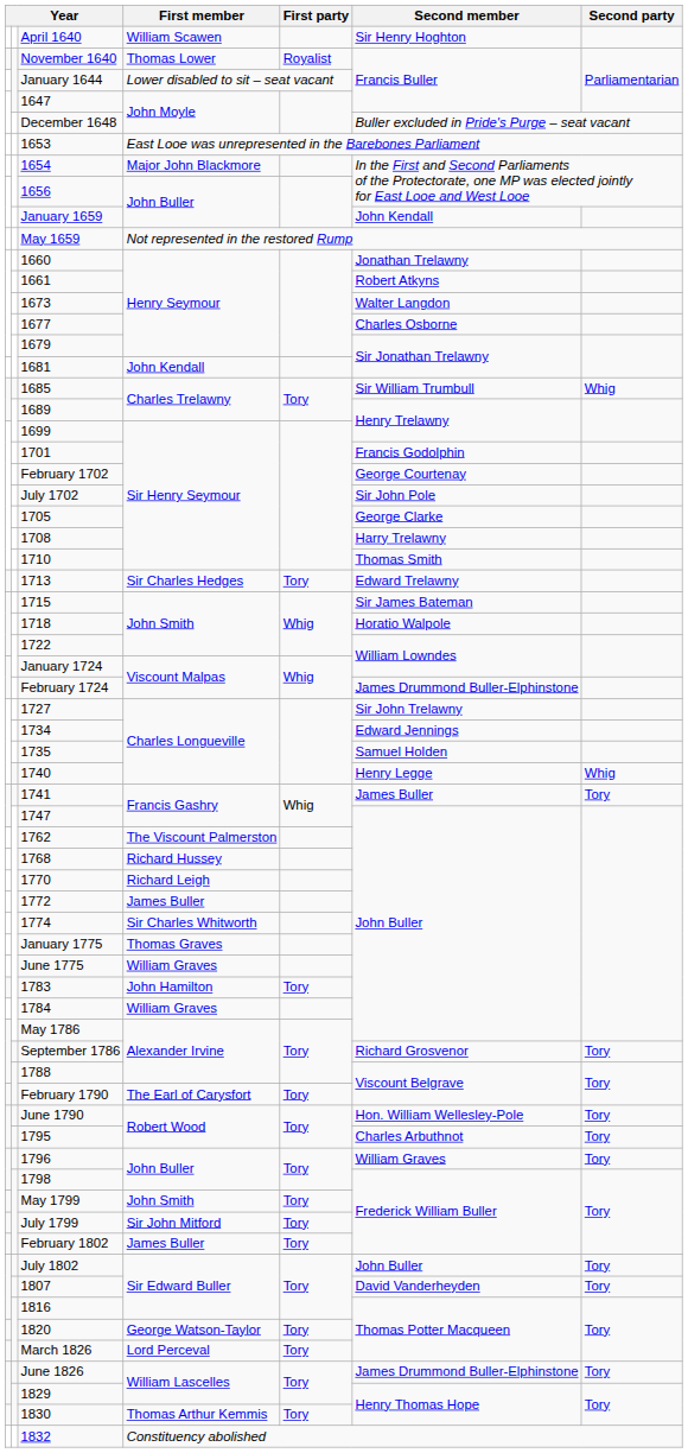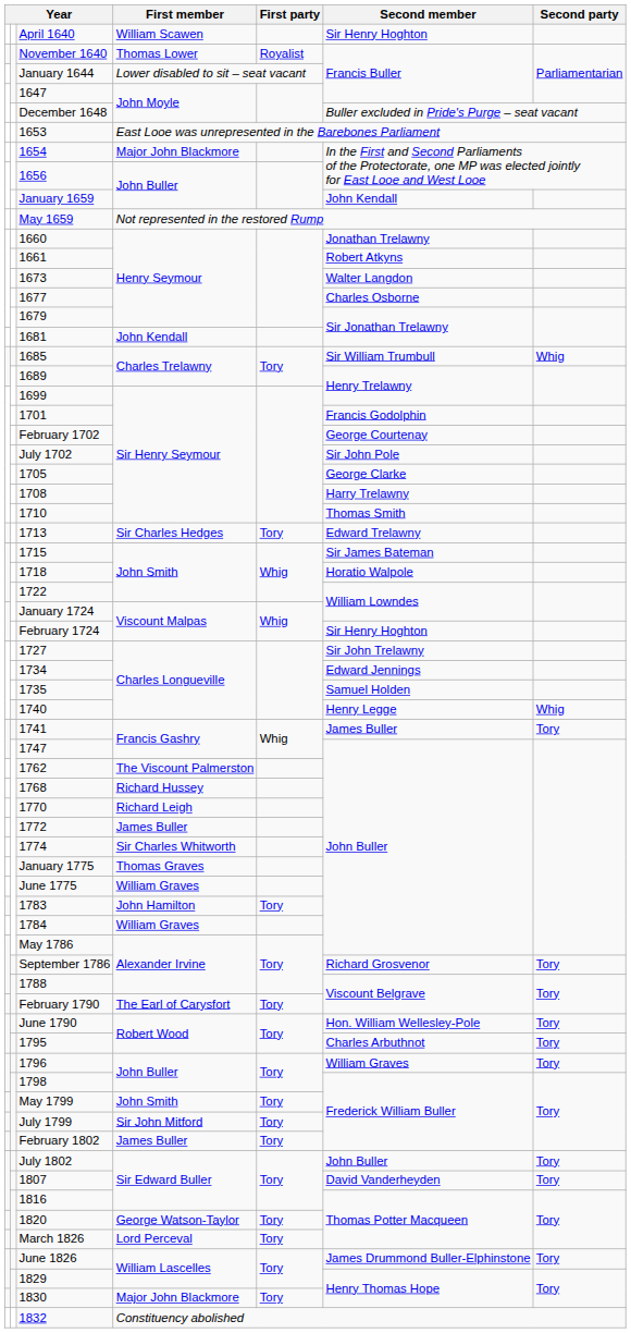 <table class="wikitable">
 <tr>
 <th colspan="3">Year</th>
 <th>First member</th>
 <th>First party</th>
 <th>Second member</th>
 <th>Second party</th>
 </tr>
 <tr>
 <td style="color:inherit;background-color: white"></td>
 <td style="color:inherit;background-color: white"></td>
 <td><a href='#'>April 1640</a></td>
 <td><a href='#'>William Scawen</a></td>
 <td></td>
 <td><a href='#'>Sir Henry Hoghton</a></td>
 <td></td>
 </tr>
 <tr>
 <td style="color:inherit;background-color: "></td>
 <td rowspan="3" style="color:inherit;background-color: "></td>
 <td><a href='#'>November 1640</a></td>
 <td><a href='#'>Thomas Lower</a></td>
 <td><a href='#'>Royalist</a></td>
 <td rowspan="3"><a href='#'>Francis Buller</a></td>
 <td rowspan="3"><a href='#'>Parliamentarian</a></td>
 </tr>
 <tr>
 <td style="color:inherit;background-color: white"></td>
 <td>January 1644</td>
 <td colspan="2"><em>Lower disabled to sit – seat vacant</em></td>
 </tr>
 <tr>
 <td rowspan="2" style="color:inherit;background-color: white"></td>
 <td>1647</td>
 <td rowspan="2"><a href='#'>John Moyle</a></td>
 <td rowspan="2"></td>
 </tr>
 <tr>
 <td style="color:inherit;background-color: white"></td>
 <td>December 1648</td>
 <td colspan="2"><em>Buller excluded in <a href='#'>Pride's Purge</a> – seat vacant</em></td>
 </tr>
 <tr>
 <td style="color:inherit;background-color: white"></td>
 <td style="color:inherit;background-color: white"></td>
 <td>1653</td>
 <td colspan="4"><em>East Looe was unrepresented in the <a href='#'>Barebones Parliament</a></em></td>
 </tr>
 <tr>
 <td style="color:inherit;background-color: white"></td>
 <td rowspan="2" style="color:inherit;background-color: white"></td>
 <td><a href='#'>1654</a></td>
 <td><a href='#'>Major John Blackmore</a></td>
 <td></td>
 <td rowspan="2" colspan="2"><em>In the <a href='#'>First</a>  and <a href='#'>Second</a> Parliaments <br>of the Protectorate, one MP was elected jointly<br>for <a href='#'>East Looe and West Looe</a></em></td>
 </tr>
 <tr>
 <td rowspan="2" style="color:inherit;background-color: white"></td>
 <td><a href='#'>1656</a></td>
 <td rowspan="2"><a href='#'>John Buller</a></td>
 <td rowspan="2"></td>
 </tr>
 <tr>
 <td style="color:inherit;background-color: white"></td>
 <td><a href='#'>January 1659</a></td>
 <td><a href='#'>John Kendall</a></td>
 <td></td>
 </tr>
 <tr>
 <td style="color:inherit;background-color: white"></td>
 <td style="color:inherit;background-color: white"></td>
 <td><a href='#'>May 1659</a></td>
 <td colspan="4"><em>Not represented in the restored <a href='#'>Rump</a></em></td>
 </tr>
 <tr>
 <td rowspan="5" style="color:inherit;background-color: white"></td>
 <td style="color:inherit;background-color: white"></td>
 <td>1660</td>
 <td rowspan="5"><a href='#'>Henry Seymour</a></td>
 <td rowspan="5"></td>
 <td><a href='#'>Jonathan Trelawny</a></td>
 <td></td>
 </tr>
 <tr>
 <td style="color:inherit;background-color: white"></td>
 <td>1661</td>
 <td><a href='#'>Robert Atkyns</a></td>
 <td></td>
 </tr>
 <tr>
 <td style="color:inherit;background-color: white"></td>
 <td>1673</td>
 <td><a href='#'>Walter Langdon</a></td>
 <td></td>
 </tr>
 <tr>
 <td style="color:inherit;background-color: white"></td>
 <td>1677</td>
 <td><a href='#'>Charles Osborne</a></td>
 <td></td>
 </tr>
 <tr>
 <td rowspan="2" style="color:inherit;background-color: white"></td>
 <td>1679</td>
 <td rowspan="2"><a href='#'>Sir Jonathan Trelawny</a></td>
 <td rowspan="2"></td>
 </tr>
 <tr>
 <td style="color:inherit;background-color: white"></td>
 <td>1681</td>
 <td><a href='#'>John Kendall</a></td>
 <td></td>
 </tr>
 <tr>
 <td rowspan="2" style="color:inherit;background-color: "></td>
 <td style="color:inherit;background-color: "></td>
 <td>1685</td>
 <td rowspan="2"><a href='#'>Charles Trelawny</a></td>
 <td rowspan="2"><a href='#'>Tory</a></td>
 <td><a href='#'>Sir William Trumbull</a></td>
 <td><a href='#'>Whig</a></td>
 </tr>
 <tr>
 <td rowspan="2" style="color:inherit;background-color: white"></td>
 <td>1689</td>
 <td rowspan="2"><a href='#'>Henry Trelawny</a></td>
 <td rowspan="2"></td>
 </tr>
 <tr>
 <td rowspan="7" style="color:inherit;background-color: white"></td>
 <td>1699</td>
 <td rowspan="7"><a href='#'>Sir Henry Seymour</a></td>
 <td rowspan="7"></td>
 </tr>
 <tr>
 <td style="color:inherit;background-color: white"></td>
 <td>1701</td>
 <td><a href='#'>Francis Godolphin</a></td>
 <td></td>
 </tr>
 <tr>
 <td style="color:inherit;background-color: white"></td>
 <td>February 1702</td>
 <td><a href='#'>George Courtenay</a></td>
 <td></td>
 </tr>
 <tr>
 <td style="color:inherit;background-color: white"></td>
 <td>July 1702</td>
 <td><a href='#'>Sir John Pole</a></td>
 <td></td>
 </tr>
 <tr>
 <td style="color:inherit;background-color: white"></td>
 <td>1705</td>
 <td><a href='#'>George Clarke</a></td>
 <td></td>
 </tr>
 <tr>
 <td style="color:inherit;background-color: white"></td>
 <td>1708</td>
 <td><a href='#'>Harry Trelawny</a></td>
 <td></td>
 </tr>
 <tr>
 <td style="color:inherit;background-color: white"></td>
 <td>1710</td>
 <td><a href='#'>Thomas Smith</a></td>
 <td></td>
 </tr>
 <tr>
 <td style="color:inherit;background-color: "></td>
 <td style="color:inherit;background-color: white"></td>
 <td>1713</td>
 <td><a href='#'>Sir Charles Hedges</a></td>
 <td><a href='#'>Tory</a></td>
 <td><a href='#'>Edward Trelawny</a></td>
 <td></td>
 </tr>
 <tr>
 <td rowspan="3" style="color:inherit;background-color: "></td>
 <td style="color:inherit;background-color: white"></td>
 <td>1715</td>
 <td rowspan="3"><a href='#'>John Smith</a></td>
 <td rowspan="3"><a href='#'>Whig</a></td>
 <td><a href='#'>Sir James Bateman</a></td>
 <td></td>
 </tr>
 <tr>
 <td style="color:inherit;background-color: white"></td>
 <td>1718</td>
 <td><a href='#'>Horatio Walpole</a></td>
 <td></td>
 </tr>
 <tr>
 <td rowspan="2" style="color:inherit;background-color: white"></td>
 <td>1722</td>
 <td rowspan="2"><a href='#'>William Lowndes</a></td>
 <td rowspan="2"></td>
 </tr>
 <tr>
 <td rowspan="2" style="color:inherit;background-color: "></td>
 <td>January 1724</td>
 <td rowspan="2"><a href='#'>Viscount Malpas</a></td>
 <td rowspan="2"><a href='#'>Whig</a></td>
 </tr>
 <tr>
 <td style="color:inherit;background-color: white"></td>
 <td>February 1724</td>
-<td><a href='#'>James Drummond Buller-Elphinstone</a></td>
+<td><a href='#'>Sir Henry Hoghton</a></td>
 <td></td>
 </tr>
 <tr>
 <td rowspan="4" style="color:inherit;background-color: white"></td>
 <td style="color:inherit;background-color: white"></td>
 <td>1727</td>
 <td rowspan="4"><a href='#'>Charles Longueville</a></td>
 <td rowspan="4"></td>
 <td><a href='#'>Sir John Trelawny</a></td>
 <td></td>
 </tr>
 <tr>
 <td style="color:inherit;background-color: white"></td>
 <td>1734</td>
 <td><a href='#'>Edward Jennings</a></td>
 <td></td>
 </tr>
 <tr>
 <td style="color:inherit;background-color: white"></td>
 <td>1735</td>
 <td><a href='#'>Samuel Holden</a></td>
 <td></td>
 </tr>
 <tr>
 <td style="color:inherit;background-color: "></td>
 <td>1740</td>
 <td><a href='#'>Henry Legge</a></td>
 <td><a href='#'>Whig</a></td>
 </tr>
 <tr>
 <td rowspan="2" style="color:inherit;background-color: "></td>
 <td style="color:inherit;background-color: "></td>
 <td>1741</td>
 <td rowspan="2"><a href='#'>Francis Gashry</a></td>
 <td rowspan="2">Whig</td>
 <td><a href='#'>James Buller</a></td>
 <td><a href='#'>Tory</a></td>
 </tr>
 <tr>
 <td rowspan="11" style="color:inherit;background-color: white"></td>
 <td>1747</td>
 <td rowspan="11"><a href='#'>John Buller</a></td>
 <td rowspan="11"></td>
 </tr>
 <tr>
 <td style="color:inherit;background-color: white"></td>
 <td>1762</td>
 <td><a href='#'>The Viscount Palmerston</a></td>
 <td></td>
 </tr>
 <tr>
 <td style="color:inherit;background-color: white"></td>
 <td>1768</td>
 <td><a href='#'>Richard Hussey</a></td>
 <td></td>
 </tr>
 <tr>
 <td style="color:inherit;background-color: white"></td>
 <td>1770</td>
 <td><a href='#'>Richard Leigh</a></td>
 <td></td>
 </tr>
 <tr>
 <td style="color:inherit;background-color: white"></td>
 <td>1772</td>
 <td><a href='#'>James Buller</a></td>
 <td></td>
 </tr>
 <tr>
 <td style="color:inherit;background-color: white"></td>
 <td>1774</td>
 <td><a href='#'>Sir Charles Whitworth</a></td>
 <td></td>
 </tr>
 <tr>
 <td style="color:inherit;background-color: white"></td>
 <td>January 1775</td>
 <td><a href='#'>Thomas Graves</a></td>
 <td></td>
 </tr>
 <tr>
 <td style="color:inherit;background-color: white"></td>
 <td>June 1775</td>
 <td><a href='#'>William Graves</a></td>
 <td></td>
 </tr>
 <tr>
 <td style="color:inherit;background-color: "></td>
 <td>1783</td>
 <td><a href='#'>John Hamilton</a></td>
 <td><a href='#'>Tory</a></td>
 </tr>
 <tr>
 <td style="color:inherit;background-color: white"></td>
 <td>1784</td>
 <td><a href='#'>William Graves</a></td>
 <td></td>
 </tr>
 <tr>
 <td rowspan="3" style="color:inherit;background-color: "></td>
 <td>May 1786</td>
 <td rowspan="3"><a href='#'>Alexander Irvine</a></td>
 <td rowspan="3"><a href='#'>Tory</a></td>
 </tr>
 <tr>
 <td style="color:inherit;background-color: "></td>
 <td>September 1786</td>
 <td><a href='#'>Richard Grosvenor</a></td>
 <td><a href='#'>Tory</a></td>
 </tr>
 <tr>
 <td rowspan="2" style="color:inherit;background-color: "></td>
 <td>1788</td>
 <td rowspan="2"><a href='#'>Viscount Belgrave</a></td>
 <td rowspan="2"><a href='#'>Tory</a></td>
 </tr>
 <tr>
 <td style="color:inherit;background-color: "></td>
 <td>February 1790</td>
 <td><a href='#'>The Earl of Carysfort</a></td>
 <td><a href='#'>Tory</a></td>
 </tr>
 <tr>
 <td rowspan="2" style="color:inherit;background-color: "></td>
 <td style="color:inherit;background-color: "></td>
 <td>June 1790</td>
 <td rowspan="2"><a href='#'>Robert Wood</a></td>
 <td rowspan="2"><a href='#'>Tory</a></td>
 <td><a href='#'>Hon. William Wellesley-Pole</a></td>
 <td><a href='#'>Tory</a></td>
 </tr>
 <tr>
 <td style="color:inherit;background-color: "></td>
 <td>1795</td>
 <td><a href='#'>Charles Arbuthnot</a></td>
 <td><a href='#'>Tory</a></td>
 </tr>
 <tr>
 <td rowspan="2" style="color:inherit;background-color: "></td>
 <td style="color:inherit;background-color: "></td>
 <td>1796</td>
 <td rowspan="2"><a href='#'>John Buller</a></td>
 <td rowspan="2"><a href='#'>Tory</a></td>
 <td><a href='#'>William Graves</a></td>
 <td><a href='#'>Tory</a></td>
 </tr>
 <tr>
 <td rowspan="4" style="color:inherit;background-color: "></td>
 <td>1798</td>
 <td rowspan="4"><a href='#'>Frederick William Buller</a></td>
 <td rowspan="4"><a href='#'>Tory</a></td>
 </tr>
 <tr>
 <td style="color:inherit;background-color: "></td>
 <td>May 1799</td>
 <td><a href='#'>John Smith</a></td>
 <td><a href='#'>Tory</a></td>
 </tr>
 <tr>
 <td style="color:inherit;background-color: "></td>
 <td>July 1799</td>
 <td><a href='#'>Sir John Mitford</a></td>
 <td><a href='#'>Tory</a></td>
 </tr>
 <tr>
 <td style="color:inherit;background-color: "></td>
 <td>February 1802</td>
 <td><a href='#'>James Buller</a></td>
 <td><a href='#'>Tory</a></td>
 </tr>
 <tr>
 <td rowspan="3" style="color:inherit;background-color: "></td>
 <td style="color:inherit;background-color: "></td>
 <td>July 1802</td>
 <td rowspan="3"><a href='#'>Sir Edward Buller</a></td>
 <td rowspan="3"><a href='#'>Tory</a></td>
 <td><a href='#'>John Buller</a></td>
 <td><a href='#'>Tory</a></td>
 </tr>
 <tr>
 <td style="color:inherit;background-color: "></td>
 <td>1807</td>
 <td><a href='#'>David Vanderheyden</a></td>
 <td><a href='#'>Tory</a></td>
 </tr>
 <tr>
 <td rowspan="3" style="color:inherit;background-color: "></td>
 <td>1816</td>
 <td rowspan="3"><a href='#'>Thomas Potter Macqueen</a></td>
 <td rowspan="3"><a href='#'>Tory</a></td>
 </tr>
 <tr>
 <td style="color:inherit;background-color: "></td>
 <td>1820</td>
 <td><a href='#'>George Watson-Taylor</a></td>
 <td><a href='#'>Tory</a></td>
 </tr>
 <tr>
 <td style="color:inherit;background-color: "></td>
 <td>March 1826</td>
 <td><a href='#'>Lord Perceval</a></td>
 <td><a href='#'>Tory</a></td>
 </tr>
 <tr>
 <td rowspan="2" style="color:inherit;background-color: "></td>
 <td style="color:inherit;background-color: "></td>
 <td>June 1826</td>
 <td rowspan="2"><a href='#'>William Lascelles</a></td>
 <td rowspan="2"><a href='#'>Tory</a></td>
 <td><a href='#'>James Drummond Buller-Elphinstone</a></td>
 <td><a href='#'>Tory</a></td>
 </tr>
 <tr>
 <td rowspan="2" style="color:inherit;background-color: "></td>
 <td>1829</td>
 <td rowspan="2"><a href='#'>Henry Thomas Hope</a></td>
 <td rowspan="2"><a href='#'>Tory</a></td>
 </tr>
 <tr>
 <td style="color:inherit;background-color: "></td>
 <td>1830</td>
-<td><a href='#'>Thomas Arthur Kemmis</a></td>
+<td><a href='#'>Major John Blackmore</a></td>
 <td><a href='#'>Tory</a></td>
 </tr>
 <tr>
 <td style="color:inherit;background-color: white"></td>
 <td style="color:inherit;background-color: white"></td>
 <td><a href='#'>1832</a></td>
 <td colspan="5"><em>Constituency abolished</em></td>
 </tr>
 </table>
